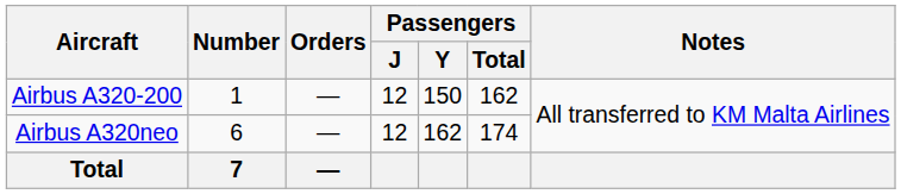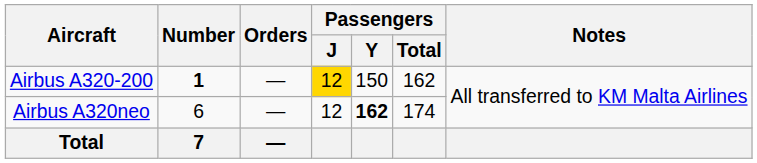 <table class="wikitable" style="border-collapse:collapse;margin:auto;text-align:center">
 <tr>
 <th rowspan="2">Aircraft</th>
 <th rowspan="2" style="width:60px;">Number</th>
 <th rowspan="2" style="width:40px;">Orders</th>
 <th colspan="3" class="unsortable">Passengers</th>
 <th rowspan="2">Notes</th>
 </tr>
 <tr>
 <th style="width:25px;">J</th>
 <th style="width:25px;">Y</th>
 <th style="width:25px;">Total</th>
 </tr>
 <tr>
 <td><a href='#'>Airbus A320-200</a></td>
-<td>1</td>
+<td><strong>1</strong></td>
 <td>—</td>
-<td>12</td>
+<td style="background: gold;">12</td>
 <td>150</td>
 <td>162</td>
 <td rowspan="2">All transferred to <a href='#'>KM Malta Airlines</a></td>
 </tr>
 <tr>
 <td><a href='#'>Airbus A320neo</a></td>
 <td>6</td>
 <td>—</td>
 <td>12</td>
-<td>162</td>
+<td><strong>162</strong></td>
 <td>174</td>
 </tr>
 <tr>
 <th>Total</th>
 <th>7</th>
 <th>—</th>
 <th></th>
 <th></th>
 <th></th>
 <th></th>
 </tr>
 </table>
